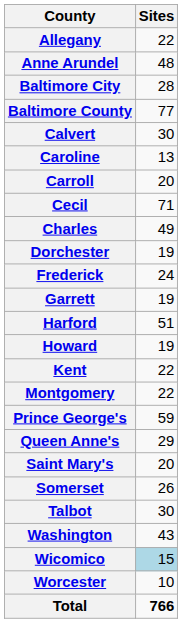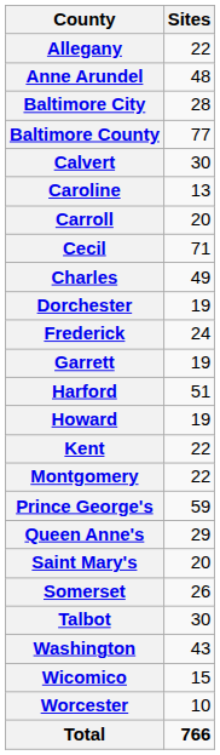 <table class="wikitable sortable">
 <tr>
 <th scope="col">County</th>
 <th scope="col">Sites</th>
 </tr>
 <tr>
 <th scope="row"><a href='#'>Allegany</a></th>
 <td style="text-align: right">22</td>
 </tr>
 <tr>
 <th scope="row"><a href='#'>Anne Arundel</a></th>
 <td style="text-align: right">48</td>
 </tr>
 <tr>
 <th scope="row"><a href='#'>Baltimore City</a></th>
 <td style="text-align: right">28</td>
 </tr>
 <tr>
 <th scope="row"><a href='#'>Baltimore County</a></th>
 <td style="text-align: right">77</td>
 </tr>
 <tr>
 <th scope="row"><a href='#'>Calvert</a></th>
 <td style="text-align: right">30</td>
 </tr>
 <tr>
 <th scope="row"><a href='#'>Caroline</a></th>
 <td style="text-align: right">13</td>
 </tr>
 <tr>
 <th scope="row"><a href='#'>Carroll</a></th>
 <td style="text-align: right">20</td>
 </tr>
 <tr>
 <th scope="row"><a href='#'>Cecil</a></th>
 <td style="text-align: right">71</td>
 </tr>
 <tr>
 <th scope="row"><a href='#'>Charles</a></th>
 <td style="text-align: right">49</td>
 </tr>
 <tr>
 <th scope="row"><a href='#'>Dorchester</a></th>
 <td style="text-align: right">19</td>
 </tr>
 <tr>
 <th scope="row"><a href='#'>Frederick</a></th>
 <td style="text-align: right">24</td>
 </tr>
 <tr>
 <th scope="row"><a href='#'>Garrett</a></th>
 <td style="text-align: right">19</td>
 </tr>
 <tr>
 <th scope="row"><a href='#'>Harford</a></th>
 <td style="text-align: right">51</td>
 </tr>
 <tr>
 <th scope="row"><a href='#'>Howard</a></th>
 <td style="text-align: right">19</td>
 </tr>
 <tr>
 <th scope="row"><a href='#'>Kent</a></th>
 <td style="text-align: right">22</td>
 </tr>
 <tr>
 <th scope="row"><a href='#'>Montgomery</a></th>
 <td style="text-align: right">22</td>
 </tr>
 <tr>
 <th scope="row"><a href='#'>Prince George's</a></th>
 <td style="text-align: right">59</td>
 </tr>
 <tr>
 <th scope="row"><a href='#'>Queen Anne's</a></th>
 <td style="text-align: right">29</td>
 </tr>
 <tr>
 <th scope="row"><a href='#'>Saint Mary's</a></th>
 <td style="text-align: right">20</td>
 </tr>
 <tr>
 <th scope="row"><a href='#'>Somerset</a></th>
 <td style="text-align: right">26</td>
 </tr>
 <tr>
 <th scope="row"><a href='#'>Talbot</a></th>
 <td style="text-align: right">30</td>
 </tr>
 <tr>
 <th scope="row"><a href='#'>Washington</a></th>
 <td style="text-align: right">43</td>
 </tr>
 <tr>
 <th scope="row"><a href='#'>Wicomico</a></th>
-<td style="background: lightblue; text-align: right">15</td>
+<td style="text-align: right">15</td>
 </tr>
 <tr>
 <th scope="row"><a href='#'>Worcester</a></th>
 <td style="text-align: right">10</td>
 </tr>
 <tr class="sortbottom">
 <th scope="row">Total</th>
 <td style="text-align: right; font-weight: bold">766</td>
 </tr>
 </table>
